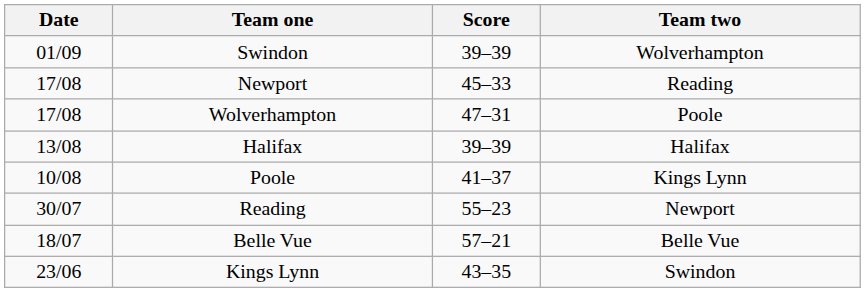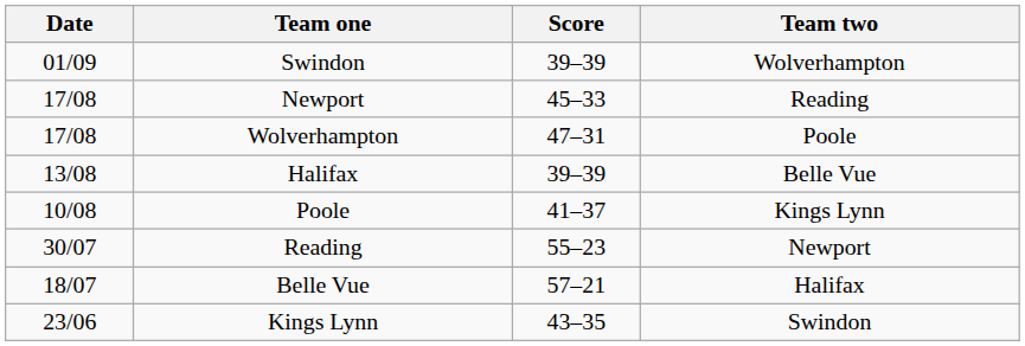 <table class="wikitable" style="text-align: center">
 <tr>
 <th width=80>Date</th>
 <th width=250>Team one</th>
 <th width=80>Score</th>
 <th width=250>Team two</th>
 </tr>
 <tr>
 <td>01/09</td>
 <td>Swindon</td>
 <td>39–39</td>
 <td>Wolverhampton</td>
 </tr>
 <tr>
 <td>17/08</td>
 <td>Newport</td>
 <td>45–33</td>
 <td>Reading</td>
 </tr>
 <tr>
 <td>17/08</td>
 <td>Wolverhampton</td>
 <td>47–31</td>
 <td>Poole</td>
 </tr>
 <tr>
 <td>13/08</td>
 <td>Halifax</td>
 <td>39–39</td>
-<td>Halifax</td>
+<td>Belle Vue</td>
 </tr>
 <tr>
 <td>10/08</td>
 <td>Poole</td>
 <td>41–37</td>
 <td>Kings Lynn</td>
 </tr>
 <tr>
 <td>30/07</td>
 <td>Reading</td>
 <td>55–23</td>
 <td>Newport</td>
 </tr>
 <tr>
 <td>18/07</td>
 <td>Belle Vue</td>
 <td>57–21</td>
-<td>Belle Vue</td>
+<td>Halifax</td>
 </tr>
 <tr>
 <td>23/06</td>
 <td>Kings Lynn</td>
 <td>43–35</td>
 <td>Swindon</td>
 </tr>
 </table>
